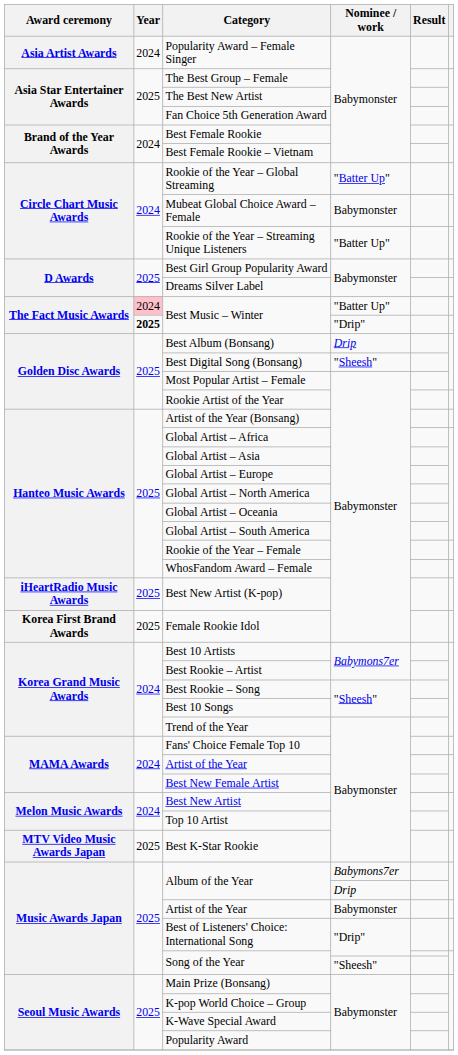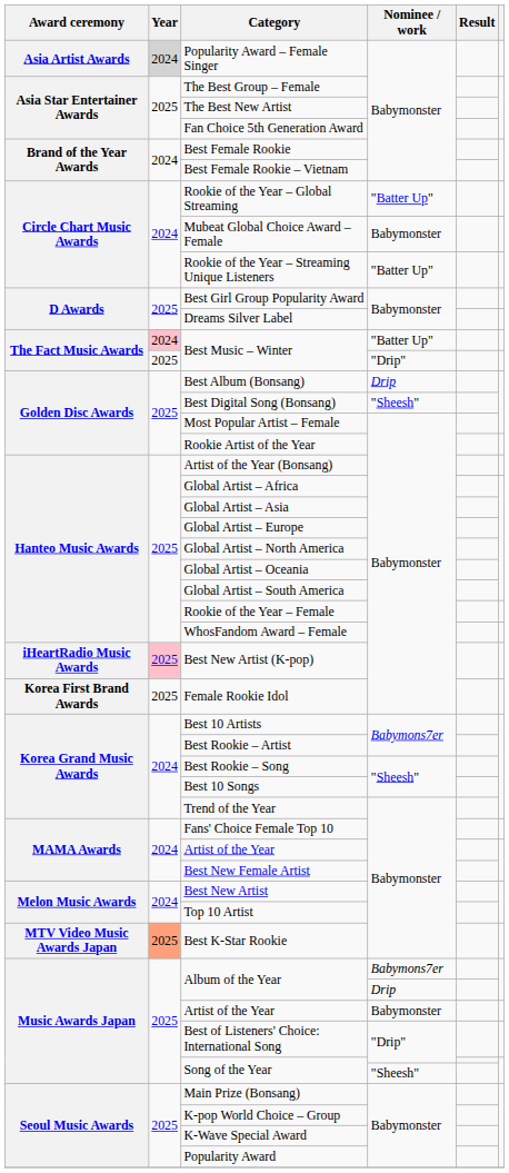 <table class="wikitable plainrowheaders sortable">
 <tr>
 <th scope="col">Award ceremony</th>
 <th scope="col">Year</th>
 <th scope="col">Category </th>
 <th scope="col">Nominee / work</th>
 <th scope="col">Result</th>
 <th scope="col" class="unsortable"></th>
 </tr>
 <tr>
 <th scope="row"><a href='#'>Asia Artist Awards</a></th>
-<td style="text-align:center">2024</td>
+<td style="background: lightgrey; text-align:center">2024</td>
 <td>Popularity Award – Female Singer</td>
 <td rowspan="6">Babymonster</td>
 <td></td>
 <td style="text-align:center"></td>
 </tr>
 <tr>
 <th scope="row" rowspan="3">Asia Star Entertainer Awards</th>
 <td rowspan="3" style="text-align:center">2025</td>
 <td>The Best Group – Female</td>
 <td></td>
 <td rowspan="3" style="text-align:center"></td>
 </tr>
 <tr>
 <td>The Best New Artist</td>
 <td></td>
 </tr>
 <tr>
 <td>Fan Choice 5th Generation Award</td>
 <td></td>
 </tr>
 <tr>
 <th scope="row" rowspan="2">Brand of the Year Awards</th>
 <td rowspan="2" style="text-align:center">2024</td>
 <td>Best Female Rookie</td>
 <td></td>
 <td rowspan="2" style="text-align:center"></td>
 </tr>
 <tr>
 <td>Best Female Rookie – Vietnam</td>
 <td></td>
 </tr>
 <tr>
 <th scope="row" rowspan="3"><a href='#'>Circle Chart Music Awards</a></th>
 <td rowspan="3" style="text-align:center"><a href='#'>2024</a></td>
 <td>Rookie of the Year – Global Streaming</td>
 <td>"<a href='#'>Batter Up</a>"</td>
 <td></td>
 <td style="text-align:center"></td>
 </tr>
 <tr>
 <td>Mubeat Global Choice Award – Female</td>
 <td>Babymonster</td>
 <td></td>
 <td style="text-align:center"></td>
 </tr>
 <tr>
 <td>Rookie of the Year – Streaming Unique Listeners</td>
 <td>"Batter Up"</td>
 <td></td>
 <td style="text-align:center"></td>
 </tr>
 <tr>
 <th scope="row" rowspan="2"><a href='#'>D Awards</a></th>
 <td style="text-align:center" rowspan="2"><a href='#'>2025</a></td>
 <td>Best Girl Group Popularity Award</td>
 <td rowspan="2">Babymonster</td>
 <td></td>
 <td style="text-align:center"></td>
 </tr>
 <tr>
 <td>Dreams Silver Label</td>
 <td></td>
 <td style="text-align:center"></td>
 </tr>
 <tr>
 <th scope="row" rowspan="2"><a href='#'>The Fact Music Awards</a></th>
 <td style="background: pink; text-align:center">2024</td>
 <td rowspan="2">Best Music – Winter</td>
 <td>"Batter Up"</td>
 <td></td>
 <td style="text-align:center"></td>
 </tr>
 <tr>
-<td style="text-align:center"><strong>2025</strong></td>
+<td style="text-align:center">2025</td>
 <td>"Drip"</td>
 <td></td>
 <td style="text-align:center"></td>
 </tr>
 <tr>
 <th scope="row" rowspan="4"><a href='#'>Golden Disc Awards</a></th>
 <td rowspan="4" style="text-align:center"><a href='#'>2025</a></td>
 <td>Best Album (Bonsang)</td>
 <td><em><a href='#'>Drip</a></em></td>
 <td></td>
 <td rowspan="3" style="text-align:center"></td>
 </tr>
 <tr>
 <td>Best Digital Song (Bonsang)</td>
 <td>"<a href='#'>Sheesh</a>"</td>
 <td></td>
 </tr>
 <tr>
 <td>Most Popular Artist – Female</td>
 <td rowspan="13">Babymonster</td>
 <td></td>
 </tr>
 <tr>
 <td>Rookie Artist of the Year</td>
 <td></td>
 <td style="text-align:center"></td>
 </tr>
 <tr>
 <th scope="row" rowspan="9"><a href='#'>Hanteo Music Awards</a></th>
 <td style="text-align:center" rowspan="9"><a href='#'>2025</a></td>
 <td>Artist of the Year (Bonsang)</td>
 <td></td>
 <td style="text-align:center"></td>
 </tr>
 <tr>
 <td>Global Artist – Africa</td>
 <td></td>
 <td style="text-align:center" rowspan="6"></td>
 </tr>
 <tr>
 <td>Global Artist – Asia</td>
 <td></td>
 </tr>
 <tr>
 <td>Global Artist – Europe</td>
 <td></td>
 </tr>
 <tr>
 <td>Global Artist – North America</td>
 <td></td>
 </tr>
 <tr>
 <td>Global Artist – Oceania</td>
 <td></td>
 </tr>
 <tr>
 <td>Global Artist – South America</td>
 <td></td>
 </tr>
 <tr>
 <td>Rookie of the Year – Female</td>
 <td></td>
 <td style="text-align:center"></td>
 </tr>
 <tr>
 <td>WhosFandom Award – Female</td>
 <td></td>
 <td style="text-align:center"></td>
 </tr>
 <tr>
 <th scope="row"><a href='#'>iHeartRadio Music Awards</a></th>
-<td style="text-align:center"><a href='#'>2025</a></td>
+<td style="background: pink; text-align:center"><a href='#'>2025</a></td>
 <td>Best New Artist (K-pop)</td>
 <td></td>
 <td style="text-align:center"></td>
 </tr>
 <tr>
 <th scope="row">Korea First Brand Awards</th>
 <td style="text-align:center">2025</td>
 <td>Female Rookie Idol</td>
 <td></td>
 <td style="text-align:center"></td>
 </tr>
 <tr>
 <th scope="row" rowspan="5"><a href='#'>Korea Grand Music Awards</a></th>
 <td rowspan="5" style="text-align:center"><a href='#'>2024</a></td>
 <td>Best 10 Artists</td>
 <td rowspan="2"><em><a href='#'>Babymons7er</a></em></td>
 <td></td>
 <td rowspan="5" style="text-align:center"></td>
 </tr>
 <tr>
 <td>Best Rookie – Artist</td>
 <td></td>
 </tr>
 <tr>
 <td>Best Rookie – Song</td>
 <td rowspan="2">"<a href='#'>Sheesh</a>"</td>
 <td></td>
 </tr>
 <tr>
 <td>Best 10 Songs</td>
 <td></td>
 </tr>
 <tr>
 <td>Trend of the Year</td>
 <td rowspan="7">Babymonster</td>
 <td></td>
 </tr>
 <tr>
 <th scope="row" rowspan="3"><a href='#'>MAMA Awards</a></th>
 <td rowspan="3" style="text-align:center"><a href='#'>2024</a></td>
 <td>Fans' Choice Female Top 10</td>
 <td></td>
 <td style="text-align:center"></td>
 </tr>
 <tr>
 <td><a href='#'>Artist of the Year</a></td>
 <td></td>
 <td rowspan="2" style="text-align:center"></td>
 </tr>
 <tr>
 <td><a href='#'>Best New Female Artist</a></td>
 <td></td>
 </tr>
 <tr>
 <th scope="row" rowspan="2"><a href='#'>Melon Music Awards</a></th>
 <td rowspan="2" style="text-align:center"><a href='#'>2024</a></td>
 <td><a href='#'>Best New Artist</a></td>
 <td></td>
 <td rowspan="2" style="text-align:center"></td>
 </tr>
 <tr>
 <td>Top 10 Artist</td>
 <td></td>
 </tr>
 <tr>
 <th scope="row"><a href='#'>MTV Video Music Awards Japan</a></th>
-<td style="text-align:center">2025</td>
+<td style="background: lightsalmon; text-align:center">2025</td>
 <td>Best K-Star Rookie</td>
 <td></td>
 <td style="text-align:center"></td>
 </tr>
 <tr>
 <th scope="row" rowspan="6"><a href='#'>Music Awards Japan</a></th>
 <td rowspan="6" style="text-align:center"><a href='#'>2025</a></td>
 <td rowspan="2">Album of the Year</td>
 <td><em>Babymons7er</em></td>
 <td></td>
 <td style="text-align:center" rowspan="2"></td>
 </tr>
 <tr>
 <td><em>Drip</em></td>
 <td></td>
 </tr>
 <tr>
 <td>Artist of the Year</td>
 <td>Babymonster</td>
 <td></td>
 <td style="text-align:center"></td>
 </tr>
 <tr>
 <td>Best of Listeners' Choice: International Song</td>
 <td rowspan="2">"Drip"</td>
 <td></td>
 <td style="text-align:center"></td>
 </tr>
 <tr>
 <td rowspan="2">Song of the Year</td>
 <td></td>
 <td style="text-align:center" rowspan="2"></td>
 </tr>
 <tr>
 <td>"Sheesh"</td>
 <td></td>
 </tr>
 <tr>
 <th scope="row" rowspan="4"><a href='#'>Seoul Music Awards</a></th>
 <td rowspan="4" style="text-align:center"><a href='#'>2025</a></td>
 <td>Main Prize (Bonsang)</td>
 <td rowspan="4">Babymonster</td>
 <td></td>
 <td style="text-align:center" rowspan="4"></td>
 </tr>
 <tr>
 <td>K-pop World Choice – Group</td>
 <td></td>
 </tr>
 <tr>
 <td>K-Wave Special Award</td>
 <td></td>
 </tr>
 <tr>
 <td>Popularity Award</td>
 <td></td>
 </tr>
 <tr>
 </tr>
 </table>
